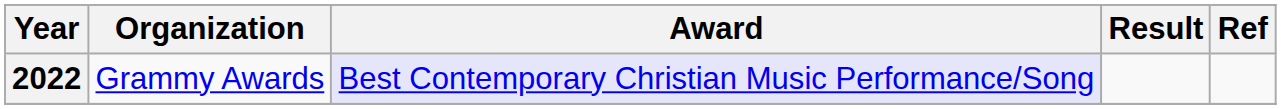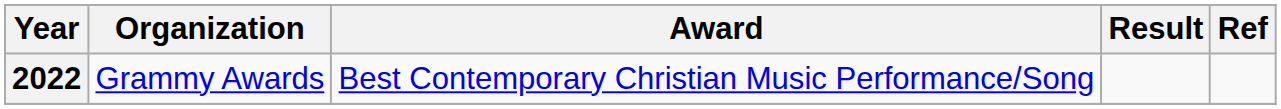 <table class="wikitable plainrowheaders">
 <tr>
 <th>Year</th>
 <th>Organization</th>
 <th>Award</th>
 <th>Result</th>
 <th>Ref</th>
 </tr>
 <tr>
 <th scope="row">2022</th>
 <td><a href='#'>Grammy Awards</a></td>
-<td style="background: lavender;"><a href='#'>Best Contemporary Christian Music Performance/Song</a></td>
+<td><a href='#'>Best Contemporary Christian Music Performance/Song</a></td>
 <td></td>
 <td></td>
 </tr>
 <tr>
 </tr>
 </table>
